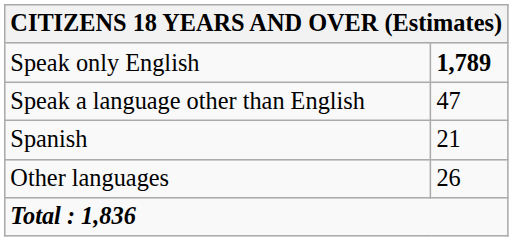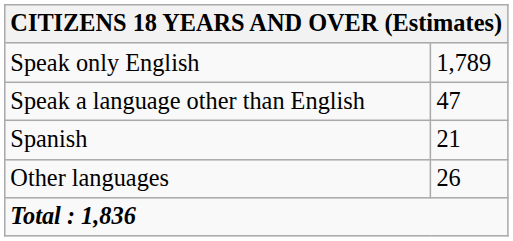 <table class="wikitable mw-collapsible">
 <tr>
 <th colspan="2">CITIZENS 18 YEARS AND OVER (Estimates)</th>
 </tr>
 <tr>
 <td>Speak only English</td>
-<td><strong>1,789</strong></td>
+<td>1,789</td>
 </tr>
 <tr>
 <td>Speak a language other than English</td>
 <td>47</td>
 </tr>
 <tr>
 <td>Spanish</td>
 <td>21</td>
 </tr>
 <tr>
 <td>Other languages</td>
 <td>26</td>
 </tr>
 <tr>
 <td colspan="2"><strong><em>Total : 1,836</em></strong></td>
 </tr>
 </table>
